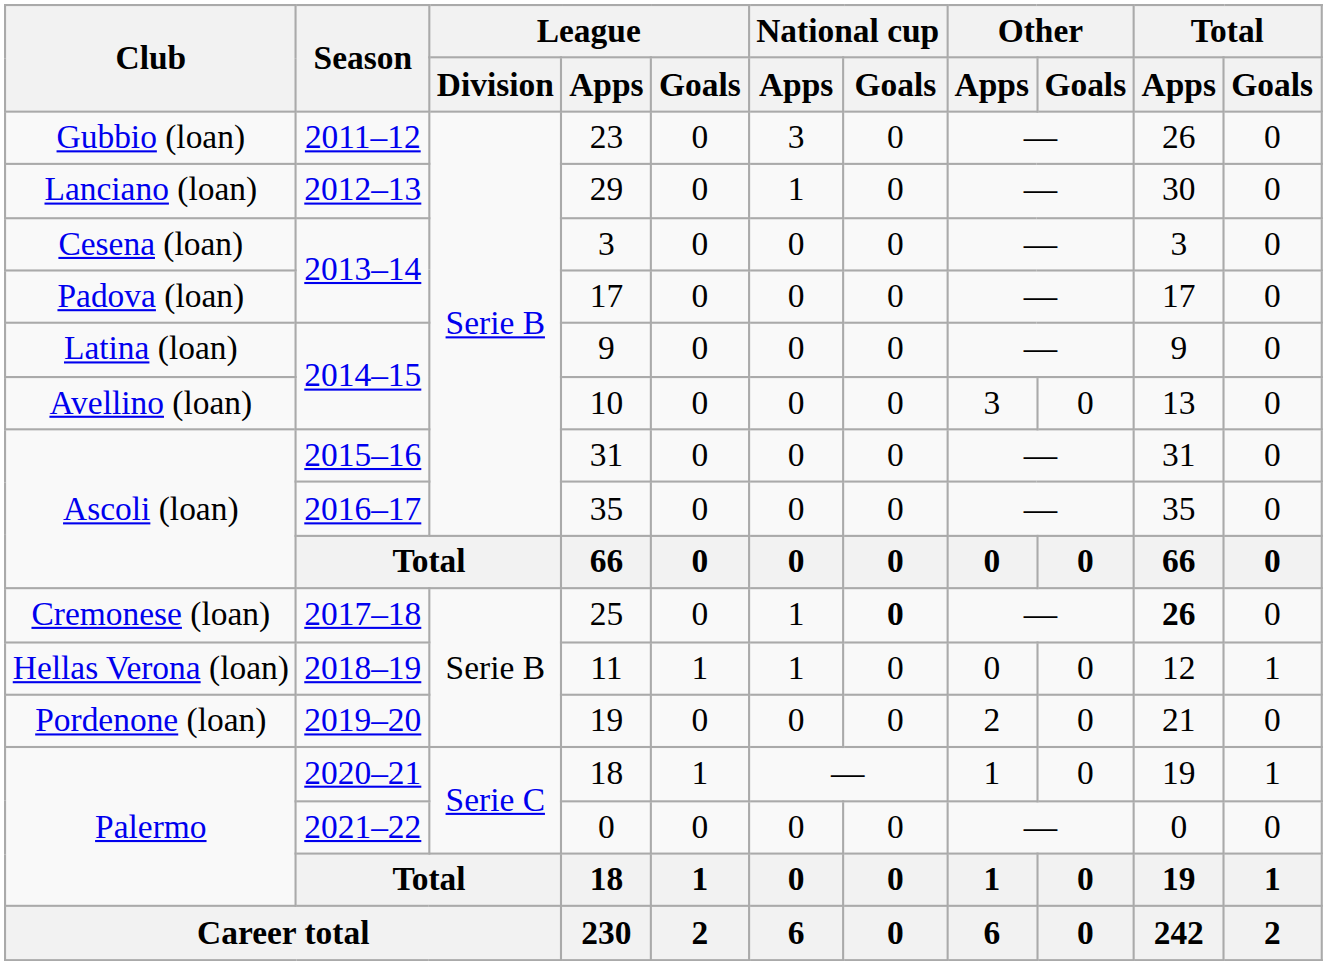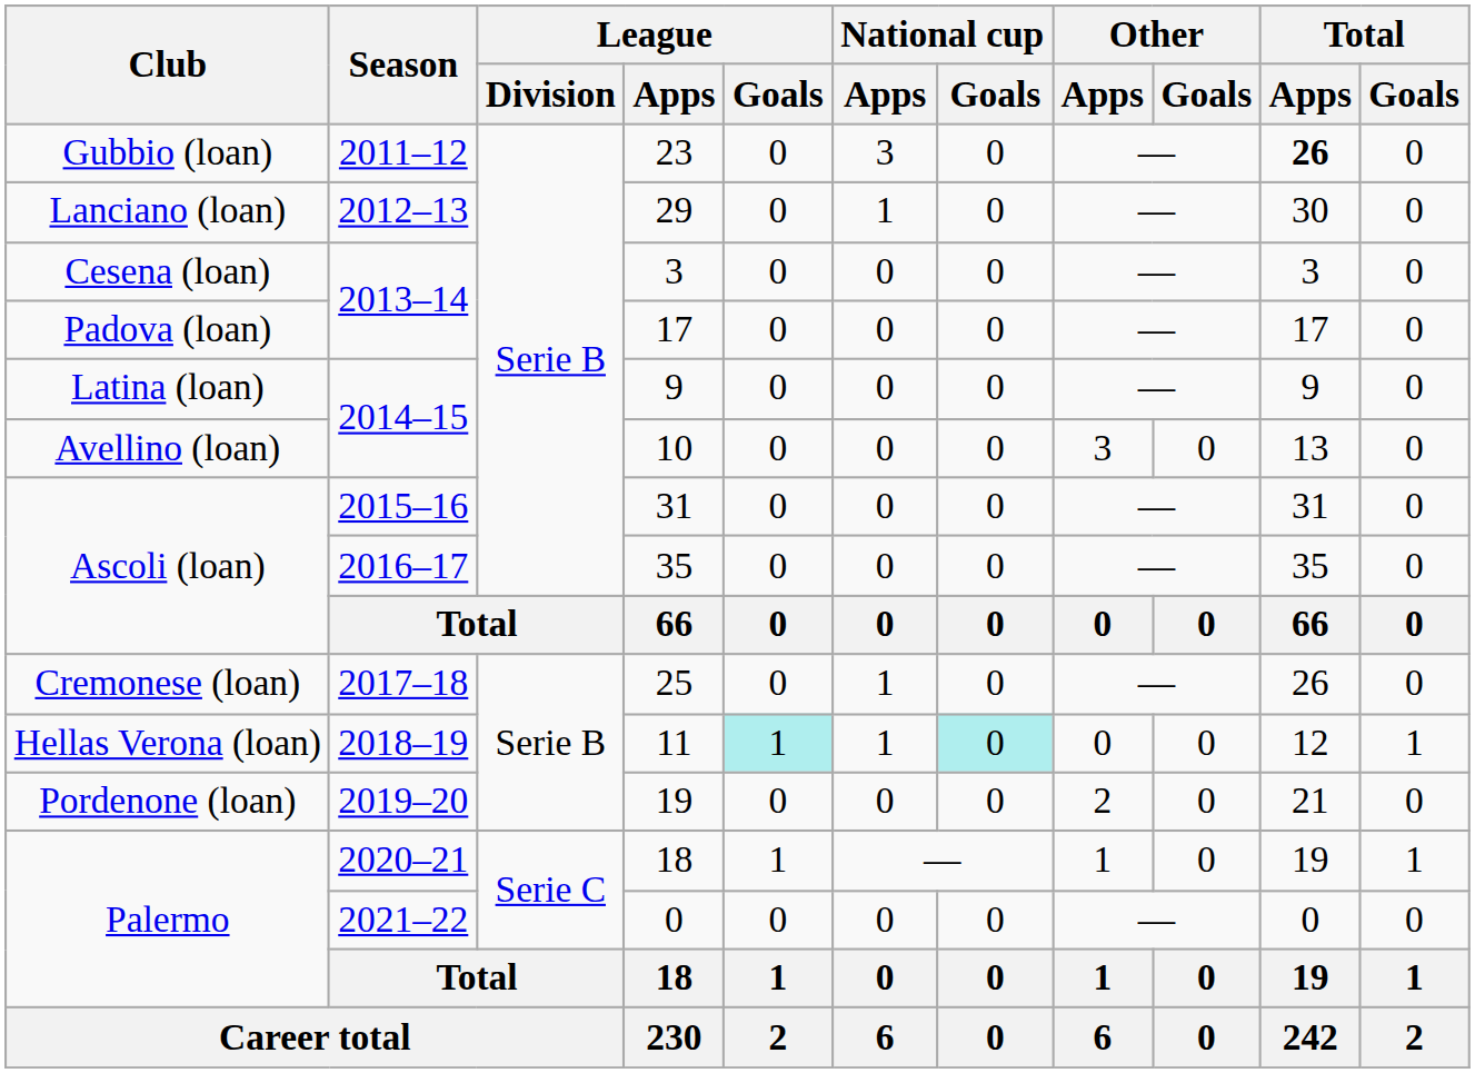 <table class="wikitable" style="text-align: center;">
 <tr>
 <th rowspan="2">Club</th>
 <th rowspan="2">Season</th>
 <th colspan="3">League</th>
 <th colspan="2">National cup</th>
 <th colspan="2">Other</th>
 <th colspan="2">Total</th>
 </tr>
 <tr>
 <th>Division</th>
 <th>Apps</th>
 <th>Goals</th>
 <th>Apps</th>
 <th>Goals</th>
 <th>Apps</th>
 <th>Goals</th>
 <th>Apps</th>
 <th>Goals</th>
 </tr>
 <tr>
 <td><a href='#'>Gubbio</a> (loan)</td>
 <td><a href='#'>2011–12</a></td>
 <td rowspan="8"><a href='#'>Serie B</a></td>
 <td>23</td>
 <td>0</td>
 <td>3</td>
 <td>0</td>
 <td colspan="2">—</td>
-<td>26</td>
+<td><strong>26</strong></td>
 <td>0</td>
 </tr>
 <tr>
 <td><a href='#'>Lanciano</a> (loan)</td>
 <td><a href='#'>2012–13</a></td>
 <td>29</td>
 <td>0</td>
 <td>1</td>
 <td>0</td>
 <td colspan="2">—</td>
 <td>30</td>
 <td>0</td>
 </tr>
 <tr>
 <td><a href='#'>Cesena</a> (loan)</td>
 <td rowspan="2"><a href='#'>2013–14</a></td>
 <td>3</td>
 <td>0</td>
 <td>0</td>
 <td>0</td>
 <td colspan="2">—</td>
 <td>3</td>
 <td>0</td>
 </tr>
 <tr>
 <td><a href='#'>Padova</a> (loan)</td>
 <td>17</td>
 <td>0</td>
 <td>0</td>
 <td>0</td>
 <td colspan="2">—</td>
 <td>17</td>
 <td>0</td>
 </tr>
 <tr>
 <td><a href='#'>Latina</a> (loan)</td>
 <td rowspan="2"><a href='#'>2014–15</a></td>
 <td>9</td>
 <td>0</td>
 <td>0</td>
 <td>0</td>
 <td colspan="2">—</td>
 <td>9</td>
 <td>0</td>
 </tr>
 <tr>
 <td><a href='#'>Avellino</a> (loan)</td>
 <td>10</td>
 <td>0</td>
 <td>0</td>
 <td>0</td>
 <td>3</td>
 <td>0</td>
 <td>13</td>
 <td>0</td>
 </tr>
 <tr>
 <td rowspan="3"><a href='#'>Ascoli</a> (loan)</td>
 <td><a href='#'>2015–16</a></td>
 <td>31</td>
 <td>0</td>
 <td>0</td>
 <td>0</td>
 <td colspan="2">—</td>
 <td>31</td>
 <td>0</td>
 </tr>
 <tr>
 <td><a href='#'>2016–17</a></td>
 <td>35</td>
 <td>0</td>
 <td>0</td>
 <td>0</td>
 <td colspan="2">—</td>
 <td>35</td>
 <td>0</td>
 </tr>
 <tr>
 <th colspan="2">Total</th>
 <th>66</th>
 <th>0</th>
 <th>0</th>
 <th>0</th>
 <th>0</th>
 <th>0</th>
 <th>66</th>
 <th>0</th>
 </tr>
 <tr>
 <td><a href='#'>Cremonese</a> (loan)</td>
 <td><a href='#'>2017–18</a></td>
 <td rowspan="3">Serie B</td>
 <td>25</td>
 <td>0</td>
 <td>1</td>
-<td><strong>0</strong></td>
+<td>0</td>
 <td colspan="2">—</td>
-<td><strong>26</strong></td>
+<td>26</td>
 <td>0</td>
 </tr>
 <tr>
 <td><a href='#'>Hellas Verona</a> (loan)</td>
 <td><a href='#'>2018–19</a></td>
 <td>11</td>
+<td style="background: paleturquoise;">1</td>
 <td>1</td>
-<td>1</td>
-<td>0</td>
+<td style="background: paleturquoise;">0</td>
 <td>0</td>
 <td>0</td>
 <td>12</td>
 <td>1</td>
 </tr>
 <tr>
 <td><a href='#'>Pordenone</a> (loan)</td>
 <td><a href='#'>2019–20</a></td>
 <td>19</td>
 <td>0</td>
 <td>0</td>
 <td>0</td>
 <td>2</td>
 <td>0</td>
 <td>21</td>
 <td>0</td>
 </tr>
 <tr>
 <td rowspan="3"><a href='#'>Palermo</a></td>
 <td><a href='#'>2020–21</a></td>
 <td rowspan="2"><a href='#'>Serie C</a></td>
 <td>18</td>
 <td>1</td>
 <td colspan="2">—</td>
 <td>1</td>
 <td>0</td>
 <td>19</td>
 <td>1</td>
 </tr>
 <tr>
 <td><a href='#'>2021–22</a></td>
 <td>0</td>
 <td>0</td>
 <td>0</td>
 <td>0</td>
 <td colspan="2">—</td>
 <td>0</td>
 <td>0</td>
 </tr>
 <tr>
 <th colspan="2">Total</th>
 <th>18</th>
 <th>1</th>
 <th>0</th>
 <th>0</th>
 <th>1</th>
 <th>0</th>
 <th>19</th>
 <th>1</th>
 </tr>
 <tr>
 <th colspan="3">Career total</th>
 <th>230</th>
 <th>2</th>
 <th>6</th>
 <th>0</th>
 <th>6</th>
 <th>0</th>
 <th>242</th>
 <th>2</th>
 </tr>
 </table>
